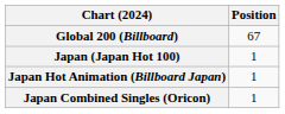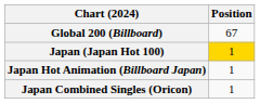 <table class="wikitable sortable plainrowheaders" style="text-align:center">
 <tr>
 <th scope="col">Chart (2024)</th>
 <th scope="col">Position</th>
 </tr>
 <tr>
 <th scope="row">Global 200 (<em>Billboard</em>)</th>
 <td>67</td>
 </tr>
 <tr>
 <th scope="row">Japan (Japan Hot 100)</th>
-<td>1</td>
+<td style="background: gold;">1</td>
 </tr>
 <tr>
 <th scope="row">Japan Hot Animation (<em>Billboard Japan</em>)</th>
 <td>1</td>
 </tr>
 <tr>
 <th scope="row">Japan Combined Singles (Oricon)</th>
 <td>1</td>
 </tr>
 </table>
